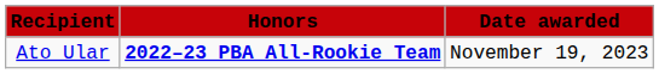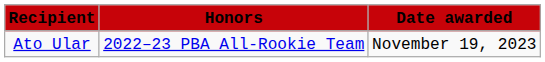 <table class="wikitable sortable sortable" style="text-align: center">
 <tr>
 <th style="background:#C70309; color:#000000; ">Recipient</th>
 <th style="background:#C70309; color:#000000; ">Honors</th>
 <th style="background:#C70309; color:#000000; ">Date awarded</th>
 </tr>
 <tr>
 <td><a href='#'>Ato Ular</a></td>
-<td><strong><a href='#'>2022–23 PBA All-Rookie Team</a></strong></td>
+<td><a href='#'>2022–23 PBA All-Rookie Team</a></td>
 <td>November 19, 2023</td>
 </tr>
 </table>
